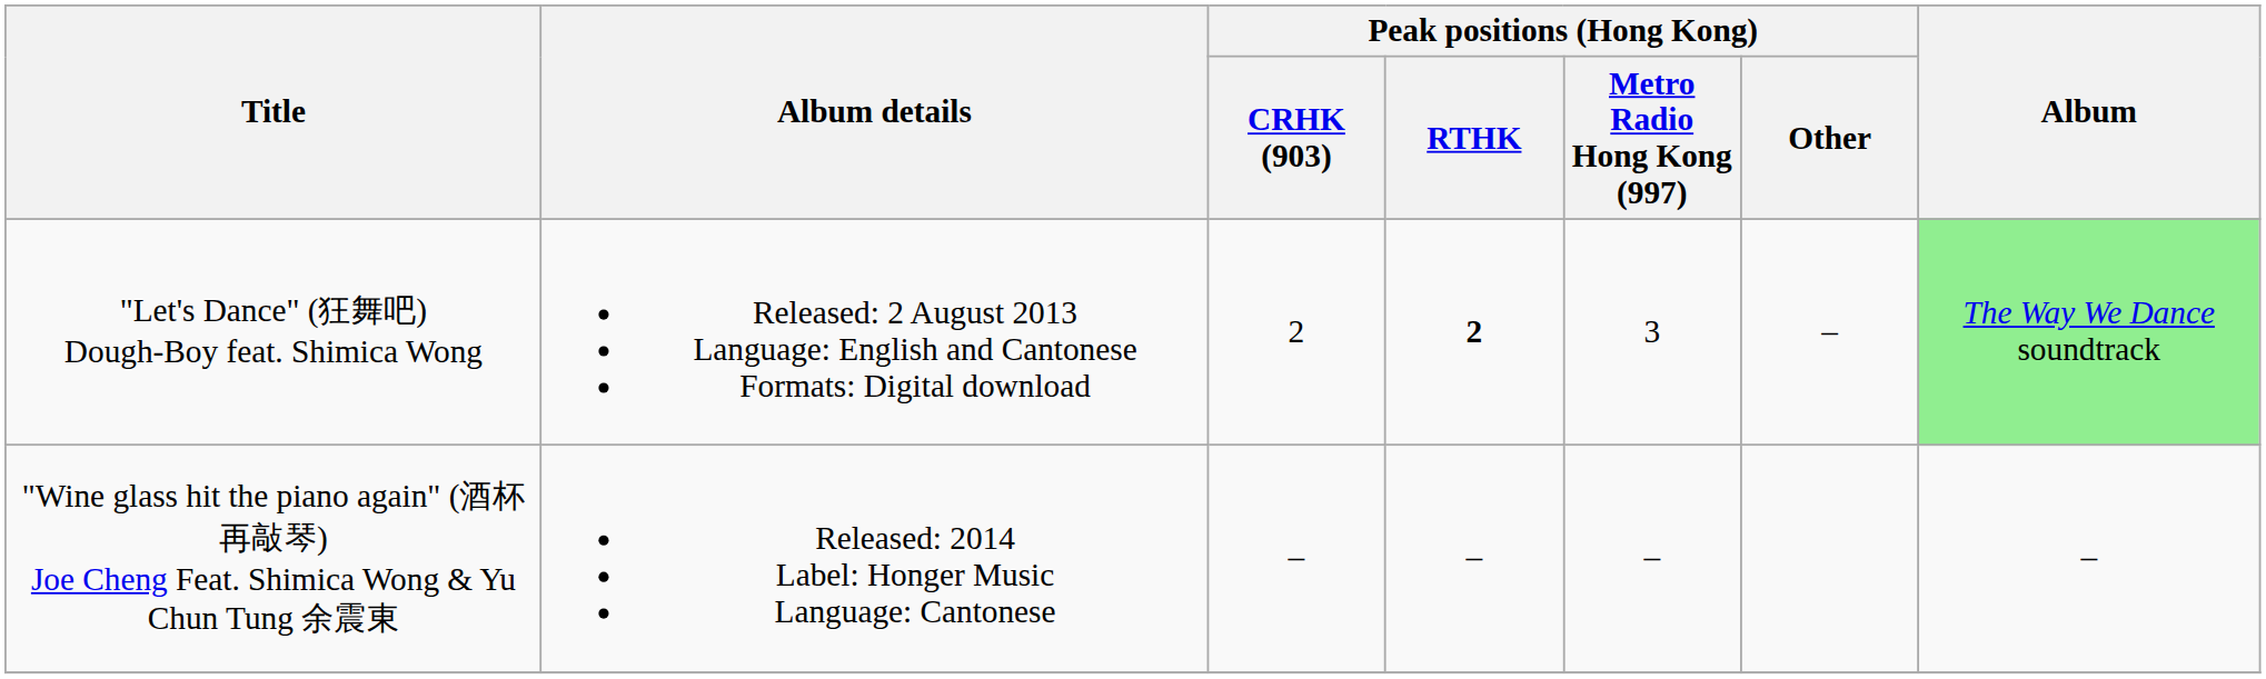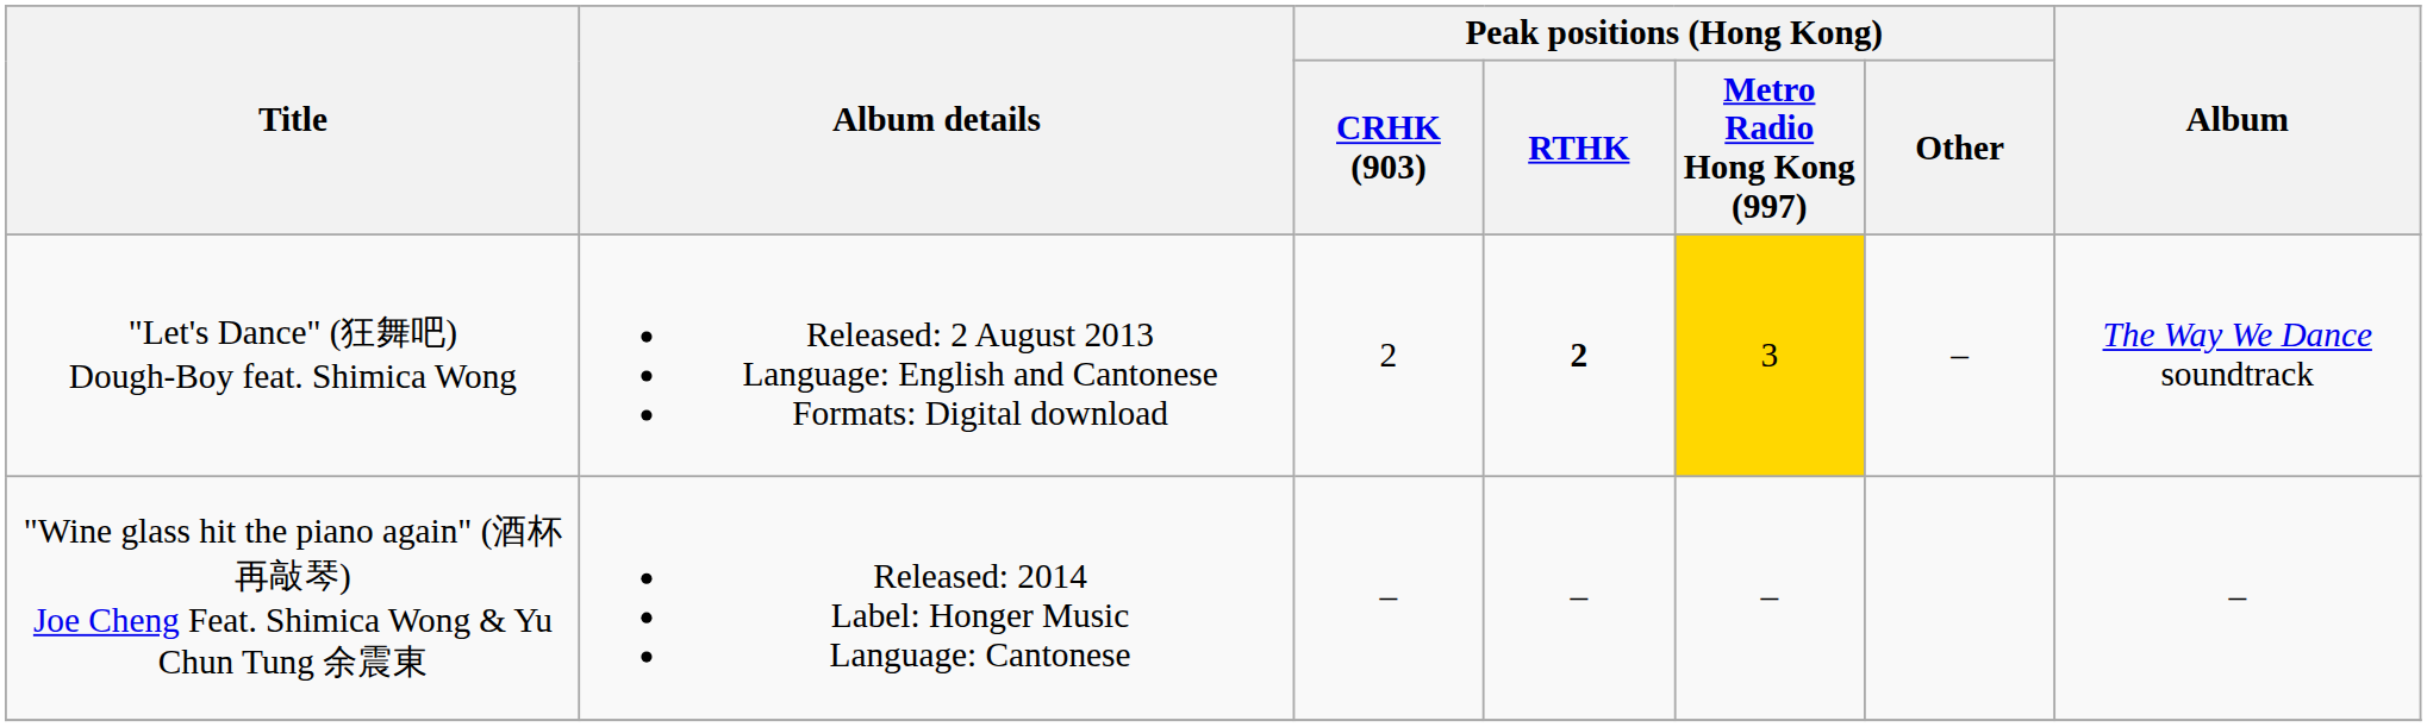 <table class="wikitable plainrowheaders" style="text-align:center">
 <tr>
 <th style="width:16em;" rowspan="2">Title</th>
 <th style="width:20em;" rowspan="2">Album details</th>
 <th colspan="4">Peak positions (Hong Kong)</th>
 <th rowspan=2; style="width:10em;">Album</th>
 </tr>
 <tr>
 <th style="width:5em;"><a href='#'>CRHK</a><br>(903)</th>
 <th style="width:5em;"><a href='#'>RTHK</a></th>
 <th style="width:5em;"><a href='#'>Metro Radio</a> Hong Kong<br>(997)</th>
 <th style="width:5em;">Other</th>
 </tr>
 <tr>
 <td>"Let's Dance" (狂舞吧)<br>Dough-Boy feat. Shimica Wong</td>
 <td><br><ul><li>Released: 2 August 2013</li><li>Language: English and Cantonese</li><li>Formats: Digital download</li></ul></td>
 <td>2</td>
 <td><strong>2</strong></td>
-<td>3</td>
+<td style="background: gold;">3</td>
 <td>–</td>
-<td style="background: lightgreen;"><em><a href='#'>The Way We Dance</a></em> soundtrack</td>
+<td><em><a href='#'>The Way We Dance</a></em> soundtrack</td>
 </tr>
 <tr>
 <td>"Wine glass hit the piano again" (酒杯再敲琴)<br> <a href='#'>Joe Cheng</a> Feat. Shimica Wong & Yu Chun Tung 余震東</td>
 <td><br><ul><li>Released: 2014</li><li>Label: Honger Music</li><li>Language: Cantonese</li></ul></td>
 <td>–</td>
 <td>–</td>
 <td>–</td>
 <td></td>
 <td>–</td>
 </tr>
 <tr>
 </tr>
 </table>
